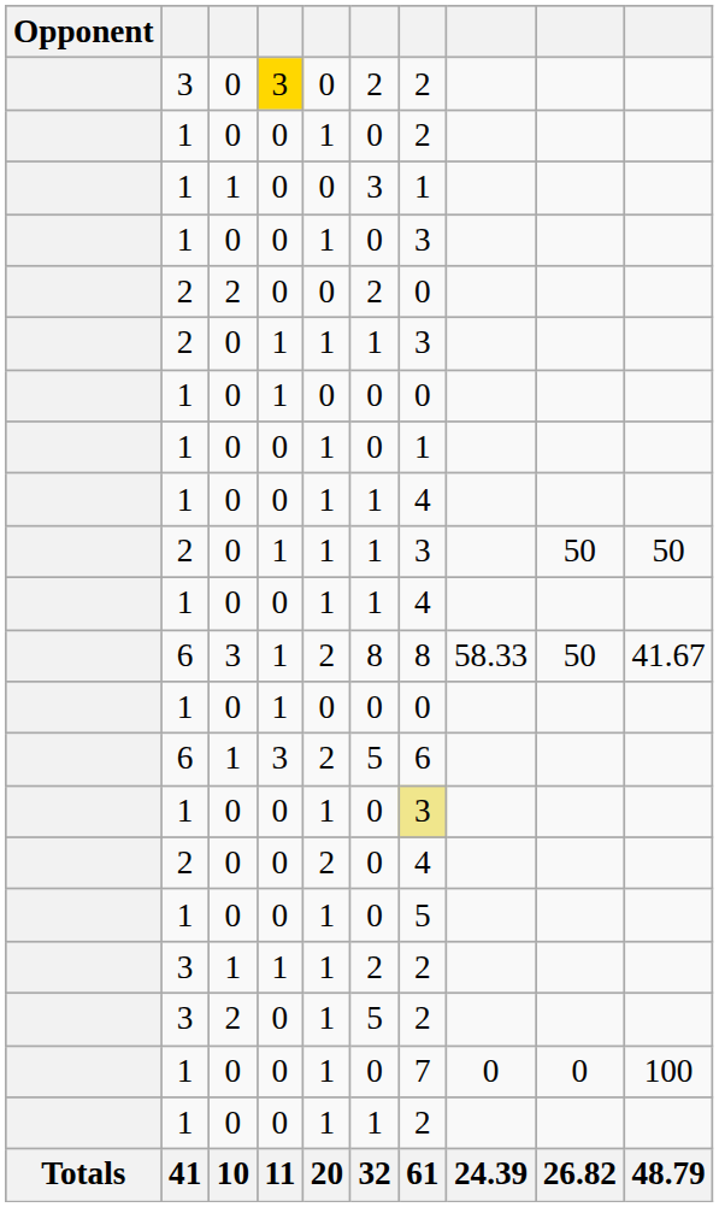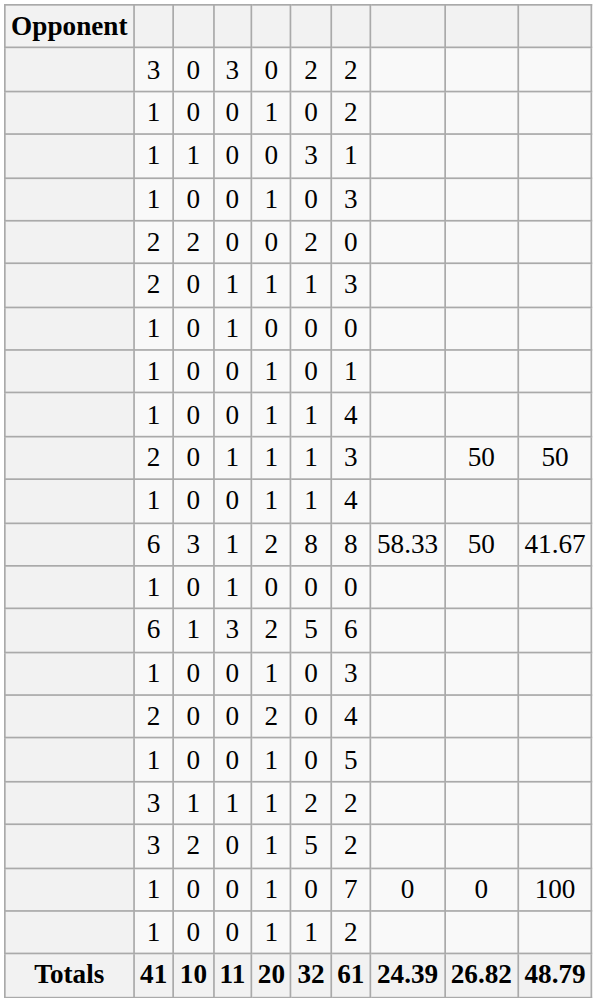 <table class="wikitable plainrowheaders sortable" style="text-align:center">
 <tr>
 <th scope=col>Opponent</th>
 <th scope=col></th>
 <th scope=col></th>
 <th scope=col></th>
 <th scope=col></th>
 <th scope=col></th>
 <th scope=col></th>
 <th scope=col></th>
 <th scope=col></th>
 <th scope=col></th>
 </tr>
 <tr>
 <th scope=row style="text-align:left;"></th>
 <td>3</td>
 <td>0</td>
-<td style="background: gold;">3</td>
+<td>3</td>
 <td>0</td>
 <td>2</td>
 <td>2</td>
 <td></td>
 <td></td>
 <td></td>
 </tr>
 <tr>
 <th scope=row style="text-align:left;"></th>
 <td>1</td>
 <td>0</td>
 <td>0</td>
 <td>1</td>
 <td>0</td>
 <td>2</td>
 <td></td>
 <td></td>
 <td></td>
 </tr>
 <tr>
 <th scope=row style="text-align:left;"></th>
 <td>1</td>
 <td>1</td>
 <td>0</td>
 <td>0</td>
 <td>3</td>
 <td>1</td>
 <td></td>
 <td></td>
 <td></td>
 </tr>
 <tr>
 <th scope=row style="text-align:left;"></th>
 <td>1</td>
 <td>0</td>
 <td>0</td>
 <td>1</td>
 <td>0</td>
 <td>3</td>
 <td></td>
 <td></td>
 <td></td>
 </tr>
 <tr>
 <th scope=row style="text-align:left;"></th>
 <td>2</td>
 <td>2</td>
 <td>0</td>
 <td>0</td>
 <td>2</td>
 <td>0</td>
 <td></td>
 <td></td>
 <td></td>
 </tr>
 <tr>
 <th scope=row style="text-align:left;"></th>
 <td>2</td>
 <td>0</td>
 <td>1</td>
 <td>1</td>
 <td>1</td>
 <td>3</td>
 <td></td>
 <td></td>
 <td></td>
 </tr>
 <tr>
 <th scope=row style="text-align:left;"></th>
 <td>1</td>
 <td>0</td>
 <td>1</td>
 <td>0</td>
 <td>0</td>
 <td>0</td>
 <td></td>
 <td></td>
 <td></td>
 </tr>
 <tr>
 <th scope=row style="text-align:left;"></th>
 <td>1</td>
 <td>0</td>
 <td>0</td>
 <td>1</td>
 <td>0</td>
 <td>1</td>
 <td></td>
 <td></td>
 <td></td>
 </tr>
 <tr>
 <th scope=row style="text-align:left;"></th>
 <td>1</td>
 <td>0</td>
 <td>0</td>
 <td>1</td>
 <td>1</td>
 <td>4</td>
 <td></td>
 <td></td>
 <td></td>
 </tr>
 <tr>
 <th scope=row style="text-align:left;"></th>
 <td>2</td>
 <td>0</td>
 <td>1</td>
 <td>1</td>
 <td>1</td>
 <td>3</td>
 <td></td>
 <td>50</td>
 <td>50</td>
 </tr>
 <tr>
 <th scope=row style="text-align:left;"></th>
 <td>1</td>
 <td>0</td>
 <td>0</td>
 <td>1</td>
 <td>1</td>
 <td>4</td>
 <td></td>
 <td></td>
 <td></td>
 </tr>
 <tr>
 <th scope=row style="text-align:left;"></th>
 <td>6</td>
 <td>3</td>
 <td>1</td>
 <td>2</td>
 <td>8</td>
 <td>8</td>
 <td>58.33</td>
 <td>50</td>
 <td>41.67</td>
 </tr>
 <tr>
 <th scope=row style="text-align:left;"></th>
 <td>1</td>
 <td>0</td>
 <td>1</td>
 <td>0</td>
 <td>0</td>
 <td>0</td>
 <td></td>
 <td></td>
 <td></td>
 </tr>
 <tr>
 <th scope=row style="text-align:left;"></th>
 <td>6</td>
 <td>1</td>
 <td>3</td>
 <td>2</td>
 <td>5</td>
 <td>6</td>
 <td></td>
 <td></td>
 <td></td>
 </tr>
 <tr>
 <th scope=row style="text-align:left;"></th>
 <td>1</td>
 <td>0</td>
 <td>0</td>
 <td>1</td>
 <td>0</td>
-<td style="background: khaki;">3</td>
+<td>3</td>
 <td></td>
 <td></td>
 <td></td>
 </tr>
 <tr>
 <th scope=row style="text-align:left;"></th>
 <td>2</td>
 <td>0</td>
 <td>0</td>
 <td>2</td>
 <td>0</td>
 <td>4</td>
 <td></td>
 <td></td>
 <td></td>
 </tr>
 <tr>
 <th scope=row style="text-align:left;"></th>
 <td>1</td>
 <td>0</td>
 <td>0</td>
 <td>1</td>
 <td>0</td>
 <td>5</td>
 <td></td>
 <td></td>
 <td></td>
 </tr>
 <tr>
 <th scope=row style="text-align:left;"></th>
 <td>3</td>
 <td>1</td>
 <td>1</td>
 <td>1</td>
 <td>2</td>
 <td>2</td>
 <td></td>
 <td></td>
 <td></td>
 </tr>
 <tr>
 <th scope=row style="text-align:left;"></th>
 <td>3</td>
 <td>2</td>
 <td>0</td>
 <td>1</td>
 <td>5</td>
 <td>2</td>
 <td></td>
 <td></td>
 <td></td>
 </tr>
 <tr>
 <th scope=row style="text-align:left;"></th>
 <td>1</td>
 <td>0</td>
 <td>0</td>
 <td>1</td>
 <td>0</td>
 <td>7</td>
 <td>0</td>
 <td>0</td>
 <td>100</td>
 </tr>
 <tr>
 <th scope=row style="text-align:left;"></th>
 <td>1</td>
 <td>0</td>
 <td>0</td>
 <td>1</td>
 <td>1</td>
 <td>2</td>
 <td></td>
 <td></td>
 <td></td>
 </tr>
 <tr class="sortbottom">
 <th>Totals</th>
 <th>41</th>
 <th>10</th>
 <th>11</th>
 <th>20</th>
 <th>32</th>
 <th>61</th>
 <th>24.39</th>
 <th>26.82</th>
 <th>48.79</th>
 </tr>
 </table>
